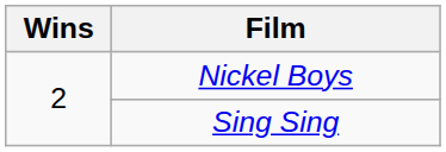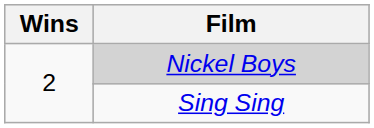 <table class="wikitable" rowspan=2 border=2 style="text-align:center;">
 <tr>
 <th scope="col" width="50">Wins</th>
 <th scope="col" width="170">Film</th>
 </tr>
 <tr>
 <td rowspan="2">2</td>
-<td><em><a href='#'>Nickel Boys</a></em></td>
+<td style="background: lightgrey;"><em><a href='#'>Nickel Boys</a></em></td>
 </tr>
 <tr>
 <td><em><a href='#'>Sing Sing</a></em></td>
 </tr>
 </table>
